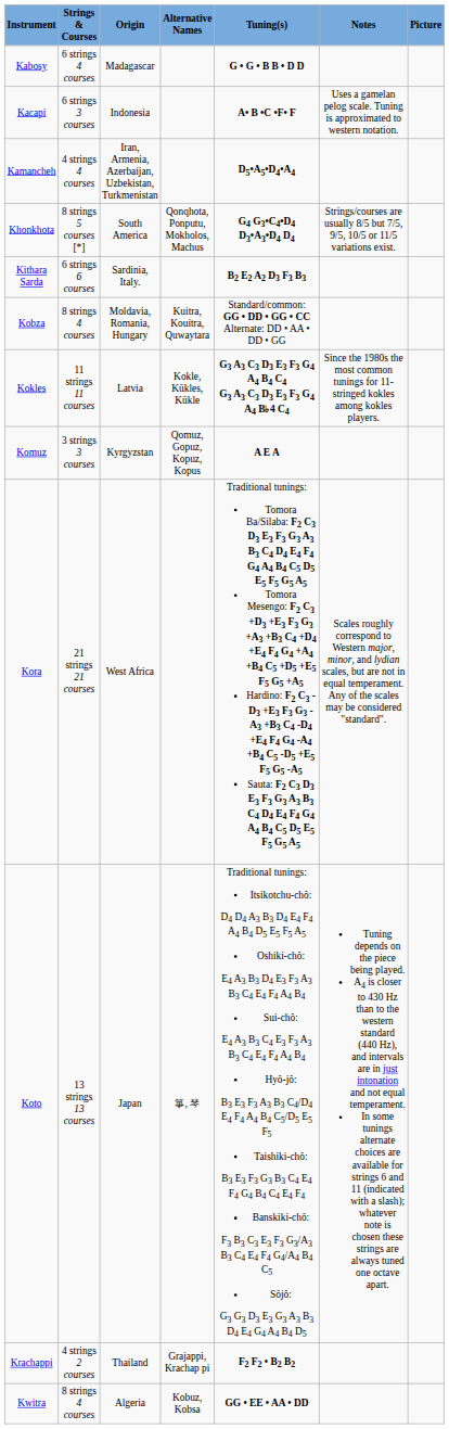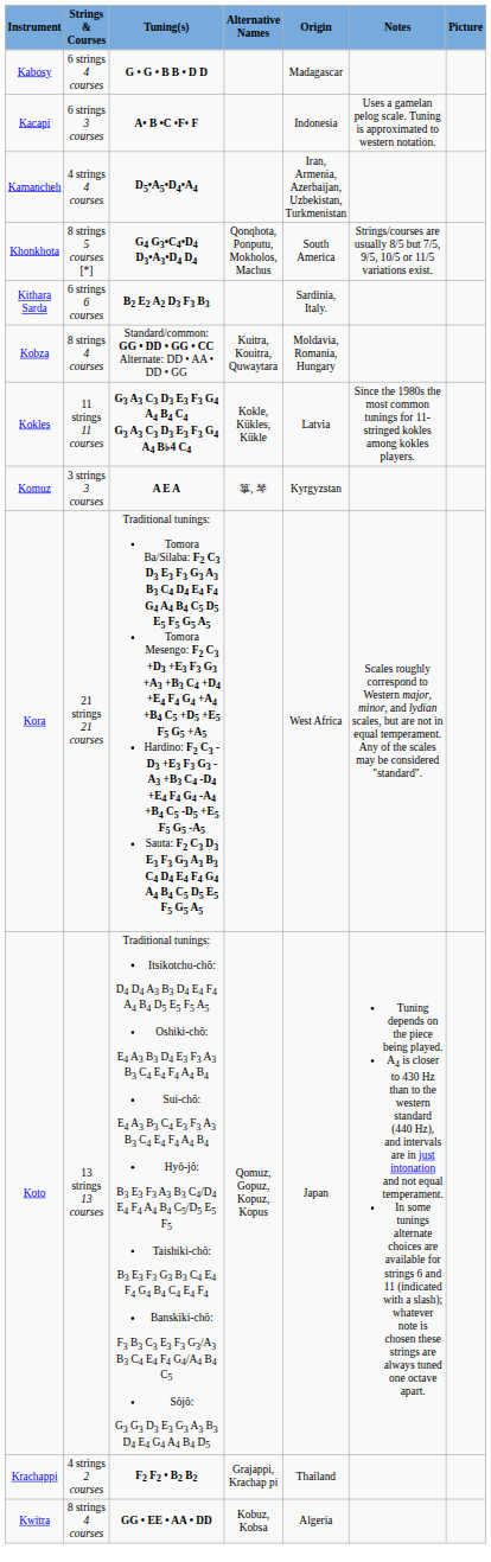 <table class="wikitable" style="margin:0.5em auto; clear:both; font-size:.9em; text-align:center; width:100%">
 <tr>
 <th style="background: #7ad;">Instrument</th>
 <th style="background: #7ad;" scope="col" width="60">Strings & Courses</th>
+<th style="background: #7ad;" scope="col" width="270">Tuning(s)</th>
+<th style="background: #7ad;" scope="col" width="46">Alternative Names</th>
 <th style="background: #7ad;" scope="col" width="46">Origin</th>
-<th style="background: #7ad;" scope="col" width="46">Alternative Names</th>
-<th style="background: #7ad;" scope="col" width="270">Tuning(s)</th>
 <th style="background: #7ad;" scope="col" width'"94">Notes</th>
 <th style="background: #7ad;">Picture</th>
 </tr>
 <tr>
 <td><a href='#'>Kabosy</a></td>
 <td>6 strings<br><em>4 courses</em></td>
+<td><strong>G • G • B B • D D</strong></td>
+<td></td>
 <td>Madagascar</td>
-<td></td>
-<td><strong>G • G • B B • D D</strong></td>
 <td></td>
 <td></td>
 </tr>
 <tr>
 <td><a href='#'>Kacapi</a></td>
 <td>6 strings<br><em>3 courses</em></td>
+<td><strong>A• B •C •F• F</strong></td>
+<td></td>
 <td>Indonesia</td>
-<td></td>
-<td><strong>A• B •C •F• F</strong></td>
 <td>Uses a gamelan pelog scale. Tuning is approximated to western notation.</td>
 <td></td>
 </tr>
 <tr>
 <td><a href='#'>Kamancheh</a></td>
 <td>4 strings<br><em>4 courses</em></td>
+<td><strong>D<sub>5</sub>•A<sub>5</sub>•D<sub>4</sub>•A<sub>4</sub></strong></td>
+<td></td>
 <td>Iran,<br>Armenia,<br>Azerbaijan,<br>Uzbekistan,<br>Turkmenistan</td>
-<td></td>
-<td><strong>D<sub>5</sub>•A<sub>5</sub>•D<sub>4</sub>•A<sub>4</sub></strong></td>
 <td></td>
 <td></td>
 </tr>
 <tr>
 <td><a href='#'>Khonkhota</a></td>
 <td>8 strings<br><em>5 courses</em> [*]</td>
+<td><strong>G<sub>4</sub> G<sub>3</sub>•C<sub>4</sub>•D<sub>4</sub> D<sub>3</sub>•A<sub>3</sub>•D<sub>4</sub> D<sub>4</sub></strong></td>
+<td>Qonqhota, Ponputu, Mokholos, Machus</td>
 <td>South America</td>
-<td>Qonqhota, Ponputu, Mokholos, Machus</td>
-<td><strong>G<sub>4</sub> G<sub>3</sub>•C<sub>4</sub>•D<sub>4</sub> D<sub>3</sub>•A<sub>3</sub>•D<sub>4</sub> D<sub>4</sub></strong></td>
 <td>Strings/courses are usually 8/5 but 7/5, 9/5, 10/5 or 11/5 variations exist.</td>
 <td></td>
 </tr>
 <tr>
 <td><a href='#'>Kithara Sarda</a></td>
 <td>6 strings<br><em>6 courses</em></td>
+<td><strong>B<sub>2</sub> E<sub>2</sub> A<sub>2</sub> D<sub>3</sub> F<sub>3</sub> B<sub>3</sub></strong></td>
+<td></td>
 <td>Sardinia, Italy.</td>
-<td></td>
-<td><strong>B<sub>2</sub> E<sub>2</sub> A<sub>2</sub> D<sub>3</sub> F<sub>3</sub> B<sub>3</sub></strong></td>
 <td></td>
 <td></td>
 </tr>
 <tr>
 <td><a href='#'>Kobza</a></td>
 <td>8 strings<br><em>4 courses</em></td>
+<td>Standard/common:<br><strong>GG • DD • GG • CC</strong><br>Alternate: DD • AA • DD • GG</td>
+<td>Kuitra, Kouitra, Quwaytara</td>
 <td>Moldavia, Romania, Hungary</td>
-<td>Kuitra, Kouitra, Quwaytara</td>
-<td>Standard/common:<br><strong>GG • DD • GG • CC</strong><br>Alternate: DD • AA • DD • GG</td>
 <td></td>
 <td></td>
 </tr>
 <tr>
 <td><a href='#'>Kokles</a></td>
 <td>11 strings<br><em>11 courses</em></td>
+<td><strong>G<sub>3</sub> A<sub>3</sub> C<sub>3</sub> D<sub>3</sub> E<sub>3</sub> F<sub>3</sub> G<sub>4</sub> A<sub>4</sub> B<sub>4</sub> C<sub>4</sub></strong><br><strong>G<sub>3</sub> A<sub>3</sub> C<sub>3</sub> D<sub>3</sub> E<sub>3</sub> F<sub>3</sub> G<sub>4</sub> A<sub>4</sub> B♭4 C<sub>4</sub></strong></td>
+<td>Kokle, Kūkles, Kūkle</td>
 <td>Latvia</td>
-<td>Kokle, Kūkles, Kūkle</td>
-<td><strong>G<sub>3</sub> A<sub>3</sub> C<sub>3</sub> D<sub>3</sub> E<sub>3</sub> F<sub>3</sub> G<sub>4</sub> A<sub>4</sub> B<sub>4</sub> C<sub>4</sub></strong><br><strong>G<sub>3</sub> A<sub>3</sub> C<sub>3</sub> D<sub>3</sub> E<sub>3</sub> F<sub>3</sub> G<sub>4</sub> A<sub>4</sub> B♭4 C<sub>4</sub></strong></td>
 <td>Since the 1980s the most common tunings for 11-stringed kokles among kokles players.</td>
 <td></td>
 </tr>
 <tr>
 <td><a href='#'>Komuz</a></td>
 <td>3 strings<br><em>3 courses</em></td>
+<td><strong>A E A</strong></td>
+<td>箏, 琴</td>
 <td>Kyrgyzstan</td>
-<td>Qomuz, Gopuz, Kopuz, Kopus</td>
-<td><strong>A E A</strong></td>
 <td></td>
 <td></td>
 </tr>
 <tr>
 <td><a href='#'>Kora</a></td>
 <td>21 strings<br><em>21 courses</em></td>
+<td>Traditional tunings:<br><ul><li>Tomora Ba/Silaba:  <strong>F<sub>2</sub> C<sub>3</sub> D<sub>3</sub> E<sub>3</sub> F<sub>3</sub> G<sub>3</sub> A<sub>3</sub> B<sub>3</sub> C<sub>4</sub> D<sub>4</sub> E<sub>4</sub> F<sub>4</sub> G<sub>4</sub> A<sub>4</sub> B<sub>4</sub> C<sub>5</sub> D<sub>5</sub> E<sub>5</sub> F<sub>5</sub> G<sub>5</sub> A<sub>5</sub></strong></li><li>Tomora Mesengo:  <strong>F<sub>2</sub> C<sub>3</sub> +D<sub>3</sub> +E<sub>3</sub> F<sub>3</sub> G<sub>3</sub> +A<sub>3</sub> +B<sub>3</sub> C<sub>4</sub> +D<sub>4</sub> +E<sub>4</sub> F<sub>4</sub> G<sub>4</sub> +A<sub>4</sub> +B<sub>4</sub> C<sub>5</sub> +D<sub>5</sub> +E<sub>5</sub> F<sub>5</sub> G<sub>5</sub> +A<sub>5</sub></strong></li><li>Hardino: <strong>F<sub>2</sub> C<sub>3</sub> -D<sub>3</sub> +E<sub>3</sub> F<sub>3</sub> G<sub>3</sub> -A<sub>3</sub> +B<sub>3</sub> C<sub>4</sub> -D<sub>4</sub> +E<sub>4</sub> F<sub>4</sub> G<sub>4</sub> -A<sub>4</sub> +B<sub>4</sub> C<sub>5</sub> -D<sub>5</sub> +E<sub>5</sub> F<sub>5</sub> G<sub>5</sub> -A<sub>5</sub></strong></li><li>Sauta:  <strong>F<sub>2</sub> C<sub>3</sub> D<sub>3</sub> E<sub>3</sub> F<sub>3</sub> G<sub>3</sub> A<sub>3</sub> B<sub>3</sub> C<sub>4</sub> D<sub>4</sub> E<sub>4</sub> F<sub>4</sub> G<sub>4</sub> A<sub>4</sub> B<sub>4</sub> C<sub>5</sub> D<sub>5</sub> E<sub>5</sub> F<sub>5</sub> G<sub>5</sub> A<sub>5</sub></strong></li></ul></td>
+<td></td>
 <td>West Africa</td>
-<td></td>
-<td>Traditional tunings:<br><ul><li>Tomora Ba/Silaba:  <strong>F<sub>2</sub> C<sub>3</sub> D<sub>3</sub> E<sub>3</sub> F<sub>3</sub> G<sub>3</sub> A<sub>3</sub> B<sub>3</sub> C<sub>4</sub> D<sub>4</sub> E<sub>4</sub> F<sub>4</sub> G<sub>4</sub> A<sub>4</sub> B<sub>4</sub> C<sub>5</sub> D<sub>5</sub> E<sub>5</sub> F<sub>5</sub> G<sub>5</sub> A<sub>5</sub></strong></li><li>Tomora Mesengo:  <strong>F<sub>2</sub> C<sub>3</sub> +D<sub>3</sub> +E<sub>3</sub> F<sub>3</sub> G<sub>3</sub> +A<sub>3</sub> +B<sub>3</sub> C<sub>4</sub> +D<sub>4</sub> +E<sub>4</sub> F<sub>4</sub> G<sub>4</sub> +A<sub>4</sub> +B<sub>4</sub> C<sub>5</sub> +D<sub>5</sub> +E<sub>5</sub> F<sub>5</sub> G<sub>5</sub> +A<sub>5</sub></strong></li><li>Hardino: <strong>F<sub>2</sub> C<sub>3</sub> -D<sub>3</sub> +E<sub>3</sub> F<sub>3</sub> G<sub>3</sub> -A<sub>3</sub> +B<sub>3</sub> C<sub>4</sub> -D<sub>4</sub> +E<sub>4</sub> F<sub>4</sub> G<sub>4</sub> -A<sub>4</sub> +B<sub>4</sub> C<sub>5</sub> -D<sub>5</sub> +E<sub>5</sub> F<sub>5</sub> G<sub>5</sub> -A<sub>5</sub></strong></li><li>Sauta:  <strong>F<sub>2</sub> C<sub>3</sub> D<sub>3</sub> E<sub>3</sub> F<sub>3</sub> G<sub>3</sub> A<sub>3</sub> B<sub>3</sub> C<sub>4</sub> D<sub>4</sub> E<sub>4</sub> F<sub>4</sub> G<sub>4</sub> A<sub>4</sub> B<sub>4</sub> C<sub>5</sub> D<sub>5</sub> E<sub>5</sub> F<sub>5</sub> G<sub>5</sub> A<sub>5</sub></strong></li></ul></td>
 <td>Scales roughly correspond to Western <em>major</em>, <em>minor</em>, and <em>lydian</em> scales, but are not in equal temperament.  Any of the scales may be considered "standard".</td>
 <td></td>
 </tr>
 <tr>
 <td><a href='#'>Koto</a></td>
 <td>13 strings<br><em>13 courses</em></td>
+<td>Traditional tunings:<br><ul><li>Itsikotchu-chô:</li></ul>D<sub>4</sub> D<sub>4</sub> A<sub>3</sub> B<sub>3</sub> D<sub>4</sub> E<sub>4</sub> F<sub>4</sub> A<sub>4</sub> B<sub>4</sub> D<sub>5</sub> E<sub>5</sub> F<sub>5</sub> A<sub>5</sub><ul><li>Oshiki-chô:</li></ul>E<sub>4</sub> A<sub>3</sub> B<sub>3</sub> D<sub>4</sub> E<sub>3</sub> F<sub>3</sub> A<sub>3</sub> B<sub>3</sub> C<sub>4</sub> E<sub>4</sub> F<sub>4</sub> A<sub>4</sub> B<sub>4</sub><ul><li>Sui-chô:</li></ul>E<sub>4</sub> A<sub>3</sub> B<sub>3</sub> C<sub>4</sub> E<sub>3</sub> F<sub>3</sub> A<sub>3</sub> B<sub>3</sub> C<sub>4</sub> E<sub>4</sub> F<sub>4</sub> A<sub>4</sub> B<sub>4</sub><ul><li>Hyô-jô:</li></ul>B<sub>3</sub> E<sub>3</sub> F<sub>3</sub> A<sub>3</sub> B<sub>3</sub> C<sub>4</sub>/D<sub>4</sub> E<sub>4</sub> F<sub>4</sub> A<sub>4</sub> B<sub>4</sub> C<sub>5</sub>/D<sub>5</sub> E<sub>5</sub> F<sub>5</sub><ul><li>Taishiki-chô:</li></ul>B<sub>3</sub> E<sub>3</sub> F<sub>3</sub> G<sub>3</sub> B<sub>3</sub> C<sub>4</sub> E<sub>4</sub> F<sub>4</sub> G<sub>4</sub> B<sub>4</sub> C<sub>4</sub> E<sub>4</sub> F<sub>4</sub><ul><li>Banskiki-chô:</li></ul>F<sub>3</sub> B<sub>3</sub> C<sub>3</sub> E<sub>3</sub> F<sub>3</sub> G<sub>3</sub>/A<sub>3</sub> B<sub>3</sub> C<sub>4</sub> E<sub>4</sub> F<sub>4</sub> G<sub>4</sub>/A<sub>4</sub> B<sub>4</sub> C<sub>5</sub><ul><li>Sôjô:</li></ul>G<sub>3</sub> G<sub>3</sub> D<sub>3</sub> E<sub>3</sub> G<sub>3</sub> A<sub>3</sub> B<sub>3</sub> D<sub>4</sub> E<sub>4</sub> G<sub>4</sub> A<sub>4</sub> B<sub>4</sub> D<sub>5</sub></td>
+<td>Qomuz, Gopuz, Kopuz, Kopus</td>
 <td>Japan</td>
-<td>箏, 琴</td>
-<td>Traditional tunings:<br><ul><li>Itsikotchu-chô:</li></ul>D<sub>4</sub> D<sub>4</sub> A<sub>3</sub> B<sub>3</sub> D<sub>4</sub> E<sub>4</sub> F<sub>4</sub> A<sub>4</sub> B<sub>4</sub> D<sub>5</sub> E<sub>5</sub> F<sub>5</sub> A<sub>5</sub><ul><li>Oshiki-chô:</li></ul>E<sub>4</sub> A<sub>3</sub> B<sub>3</sub> D<sub>4</sub> E<sub>3</sub> F<sub>3</sub> A<sub>3</sub> B<sub>3</sub> C<sub>4</sub> E<sub>4</sub> F<sub>4</sub> A<sub>4</sub> B<sub>4</sub><ul><li>Sui-chô:</li></ul>E<sub>4</sub> A<sub>3</sub> B<sub>3</sub> C<sub>4</sub> E<sub>3</sub> F<sub>3</sub> A<sub>3</sub> B<sub>3</sub> C<sub>4</sub> E<sub>4</sub> F<sub>4</sub> A<sub>4</sub> B<sub>4</sub><ul><li>Hyô-jô:</li></ul>B<sub>3</sub> E<sub>3</sub> F<sub>3</sub> A<sub>3</sub> B<sub>3</sub> C<sub>4</sub>/D<sub>4</sub> E<sub>4</sub> F<sub>4</sub> A<sub>4</sub> B<sub>4</sub> C<sub>5</sub>/D<sub>5</sub> E<sub>5</sub> F<sub>5</sub><ul><li>Taishiki-chô:</li></ul>B<sub>3</sub> E<sub>3</sub> F<sub>3</sub> G<sub>3</sub> B<sub>3</sub> C<sub>4</sub> E<sub>4</sub> F<sub>4</sub> G<sub>4</sub> B<sub>4</sub> C<sub>4</sub> E<sub>4</sub> F<sub>4</sub><ul><li>Banskiki-chô:</li></ul>F<sub>3</sub> B<sub>3</sub> C<sub>3</sub> E<sub>3</sub> F<sub>3</sub> G<sub>3</sub>/A<sub>3</sub> B<sub>3</sub> C<sub>4</sub> E<sub>4</sub> F<sub>4</sub> G<sub>4</sub>/A<sub>4</sub> B<sub>4</sub> C<sub>5</sub><ul><li>Sôjô:</li></ul>G<sub>3</sub> G<sub>3</sub> D<sub>3</sub> E<sub>3</sub> G<sub>3</sub> A<sub>3</sub> B<sub>3</sub> D<sub>4</sub> E<sub>4</sub> G<sub>4</sub> A<sub>4</sub> B<sub>4</sub> D<sub>5</sub></td>
 <td><br><ul><li>Tuning depends on the piece being played.</li><li>A<sub>4</sub> is closer to 430 Hz than to the western standard (440 Hz), and intervals are in <a href='#'>just intonation</a> and not equal temperament.</li><li>In some tunings alternate choices are available for strings 6 and 11 (indicated with a slash); whatever note is chosen these strings are always tuned one octave apart.</li></ul></td>
 <td></td>
 </tr>
 <tr>
 <td><a href='#'>Krachappi</a></td>
 <td>4 strings<br><em>2 courses</em></td>
+<td><strong>F<sub>2</sub> F<sub>2</sub> • B<sub>2</sub> B<sub>2</sub></strong></td>
+<td>Grajappi, Krachap pi</td>
 <td>Thailand</td>
-<td>Grajappi, Krachap pi</td>
-<td><strong>F<sub>2</sub> F<sub>2</sub> • B<sub>2</sub> B<sub>2</sub></strong></td>
 <td></td>
 <td></td>
 </tr>
 <tr>
 <td><a href='#'>Kwitra</a></td>
 <td>8 strings<br><em>4 courses</em></td>
+<td><strong>GG • EE • AA • DD</strong></td>
+<td>Kobuz, Kobsa</td>
 <td>Algeria</td>
-<td>Kobuz, Kobsa</td>
-<td><strong>GG • EE • AA • DD</strong></td>
 <td></td>
 <td></td>
 </tr>
 </table>
